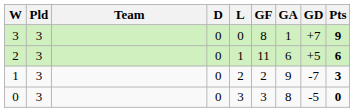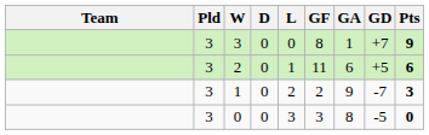 <table class="wikitable" style="text-align: center;">
 <tr>
+<th width=185>Team</th>
+<th width=20>Pld</th>
 <th width=20>W</th>
-<th width=20>Pld</th>
-<th width=185>Team</th>
 <th width=20>D</th>
 <th width=20>L</th>
 <th width=20>GF</th>
 <th width=20>GA</th>
 <th width=20>GD</th>
 <th width=20>Pts</th>
 </tr>
 <tr bgcolor="#D0F0C0">
+<td align="left"></td>
 <td>3</td>
 <td>3</td>
-<td align="left"></td>
 <td>0</td>
 <td>0</td>
 <td>8</td>
 <td>1</td>
 <td>+7</td>
 <td><strong>9</strong></td>
 </tr>
 <tr bgcolor="#D0F0C0">
+<td align="left"></td>
+<td>3</td>
 <td>2</td>
-<td>3</td>
-<td align="left"></td>
 <td>0</td>
 <td>1</td>
 <td>11</td>
 <td>6</td>
 <td>+5</td>
 <td><strong>6</strong></td>
 </tr>
 <tr>
+<td align="left"></td>
+<td>3</td>
 <td>1</td>
-<td>3</td>
-<td align="left"></td>
 <td>0</td>
 <td>2</td>
 <td>2</td>
 <td>9</td>
 <td>-7</td>
 <td><strong>3</strong></td>
 </tr>
 <tr>
+<td align="left"></td>
+<td>3</td>
 <td>0</td>
-<td>3</td>
-<td align="left"></td>
 <td>0</td>
 <td>3</td>
 <td>3</td>
 <td>8</td>
 <td>-5</td>
 <td><strong>0</strong></td>
 </tr>
 </table>
